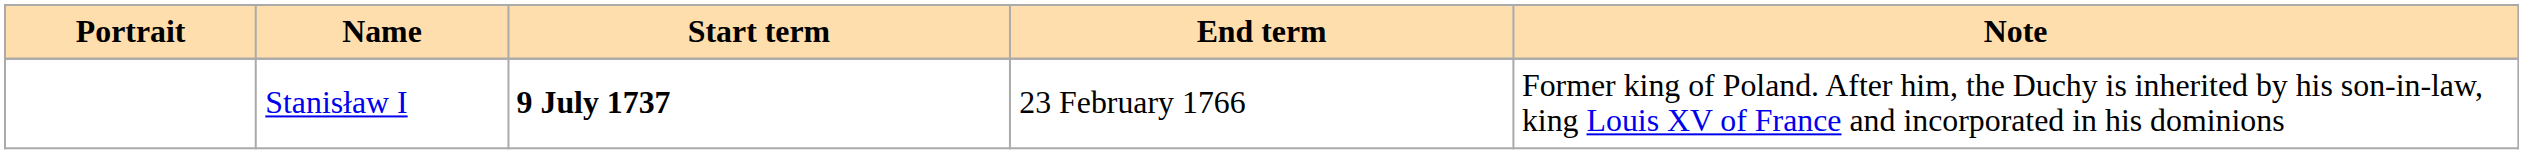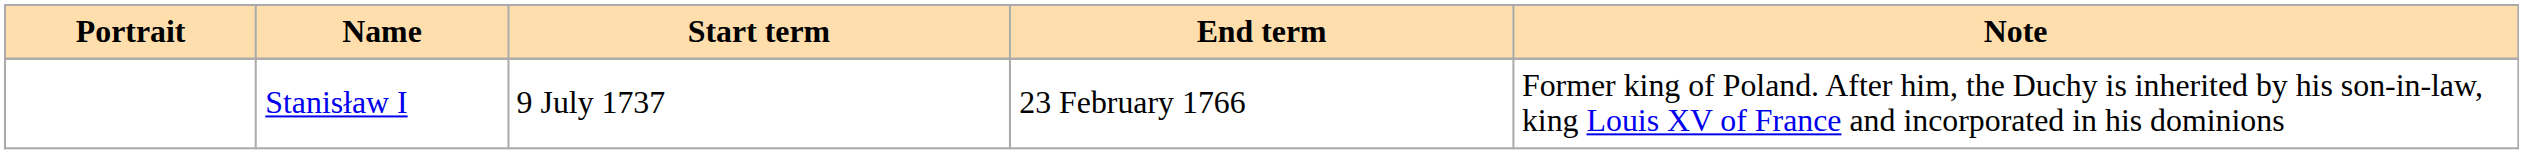 <table width = "100%" border = 1 border="1" cellpadding="4" cellspacing="0" style="margin: 0.5em 1em 0.5em 0; background: #f9f9f9; border: 1px #aaa solid; border-collapse: collapse;">
 <tr>
 <th width = "10%" bgcolor = "#FFDEAD">Portrait</th>
 <th width = "10%" bgcolor = "#FFDEAD">Name</th>
 <th width = "20%" bgcolor = "#FFDEAD">Start term</th>
 <th width = "20%" bgcolor = "#FFDEAD">End term</th>
 <th width = "40%" bgcolor = "#FFDEAD">Note</th>
 </tr>
 <tr>
 </tr>
 <tr style="background:#fff">
 <td></td>
 <td><a href='#'>Stanisław I</a></td>
-<td><strong>9 July 1737</strong></td>
+<td>9 July 1737</td>
 <td>23 February 1766</td>
 <td>Former king of Poland. After him, the Duchy is inherited by his son-in-law, king <a href='#'>Louis XV of France</a> and incorporated in his dominions</td>
 </tr>
 </table>
